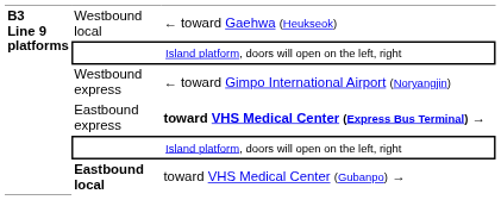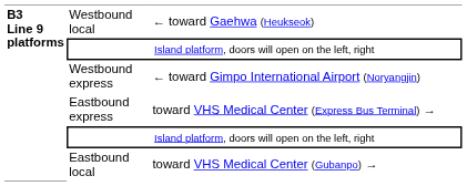 <table table border=0 cellspacing=0 cellpadding=3>
 <tr>
 <td style="border-top:solid 1px gray;border-bottom:solid 1px gray;" width=50 rowspan=10 valign=top><strong>B3<br>Line 9 platforms</strong></td>
 <td style="border-bottom:solid 0px gray;border-top:solid 1px gray;" width=100>Westbound local</td>
 <td style="border-bottom:solid 0px gray;border-top:solid 1px gray;" width=390>←  toward <a href='#'>Gaehwa</a> <small>(<a href='#'>Heukseok</a>)</small></td>
 </tr>
 <tr>
 <td style="border-top:solid 2px black;border-right:solid 2px black;border-left:solid 2px black;border-bottom:solid 2px black;text-align:center;" colspan=2><small><a href='#'>Island platform</a>, doors will open on the left, right</small></td>
 </tr>
 <tr>
 <td>Westbound express</td>
 <td>← <span> toward <a href='#'>Gimpo International Airport</a> <small>(<a href='#'>Noryangjin</a>)</small></span></td>
 </tr>
 <tr>
 <td>Eastbound express</td>
-<td><strong>  toward <a href='#'>VHS Medical Center</a> <small>(<a href='#'>Express Bus Terminal</a>)</small> →</strong></td>
+<td>  toward <a href='#'>VHS Medical Center</a> <small>(<a href='#'>Express Bus Terminal</a>)</small> →</td>
 </tr>
 <tr>
 <td style="border-top:solid 2px black;border-right:solid 2px black;border-left:solid 2px black;border-bottom:solid 2px black;text-align:center;" colspan=2><small><a href='#'>Island platform</a>, doors will open on the left, right</small></td>
 </tr>
 <tr>
-<td><strong>Eastbound local</strong></td>
+<td>Eastbound local</td>
 <td>  toward <a href='#'>VHS Medical Center</a> <small>(<a href='#'>Gubanpo</a>)</small> →</td>
 </tr>
 </table>
